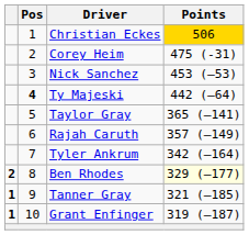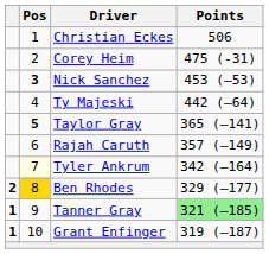 <table class="wikitable" style="font-size: 95%;">
 <tr>
 <th></th>
 <th>Pos</th>
 <th>Driver</th>
 <th>Points</th>
 </tr>
 <tr>
 <td align="left"></td>
 <td style="text-align:center;">1</td>
 <td><a href='#'>Christian Eckes</a></td>
-<td style="background: gold; text-align:center;">506</td>
+<td style="text-align:center;">506</td>
 </tr>
 <tr>
 <td align="left"></td>
 <td style="text-align:center;">2</td>
 <td><a href='#'>Corey Heim</a></td>
 <td style="text-align:center;">475 (-31)</td>
 </tr>
 <tr>
 <td align="left"></td>
-<td style="text-align:center;">3</td>
+<td style="text-align:center;"><strong>3</strong></td>
 <td><a href='#'>Nick Sanchez</a></td>
 <td style="text-align:center;">453 (–53)</td>
 </tr>
 <tr>
 <td align="left"></td>
-<td style="text-align:center;"><strong>4</strong></td>
+<td style="text-align:center;">4</td>
 <td><a href='#'>Ty Majeski</a></td>
 <td style="text-align:center;">442 (–64)</td>
 </tr>
 <tr>
 <td align="left"></td>
-<td style="text-align:center;">5</td>
+<td style="text-align:center;"><strong>5</strong></td>
 <td><a href='#'>Taylor Gray</a></td>
 <td style="text-align:center;">365 (–141)</td>
 </tr>
 <tr>
 <td align="left"></td>
 <td style="text-align:center;">6</td>
 <td><a href='#'>Rajah Caruth</a></td>
 <td style="text-align:center;">357 (–149)</td>
 </tr>
 <tr>
 <td align="left"></td>
-<td style="text-align:center;">7</td>
+<td style="background: lightyellow; text-align:center;">7</td>
 <td><a href='#'>Tyler Ankrum</a></td>
 <td style="text-align:center;">342 (–164)</td>
 </tr>
 <tr>
 <td align="left"> <strong>2</strong></td>
-<td style="text-align:center;">8</td>
+<td style="background: gold; text-align:center;">8</td>
 <td><a href='#'>Ben Rhodes</a></td>
-<td style="background: lightyellow; text-align:center;">329 (–177)</td>
+<td style="text-align:center;">329 (–177)</td>
 </tr>
 <tr>
 <td align="left"> <strong>1</strong></td>
 <td style="text-align:center;">9</td>
 <td><a href='#'>Tanner Gray</a></td>
-<td style="text-align:center;">321 (–185)</td>
+<td style="background: lightgreen; text-align:center;">321 (–185)</td>
 </tr>
 <tr>
 <td align="left"> <strong>1</strong></td>
 <td style="text-align:center;">10</td>
 <td><a href='#'>Grant Enfinger</a></td>
 <td style="text-align:center;">319 (–187)</td>
 </tr>
 <tr class="sortbottom">
 <th colspan="9"></th>
 </tr>
 </table>
